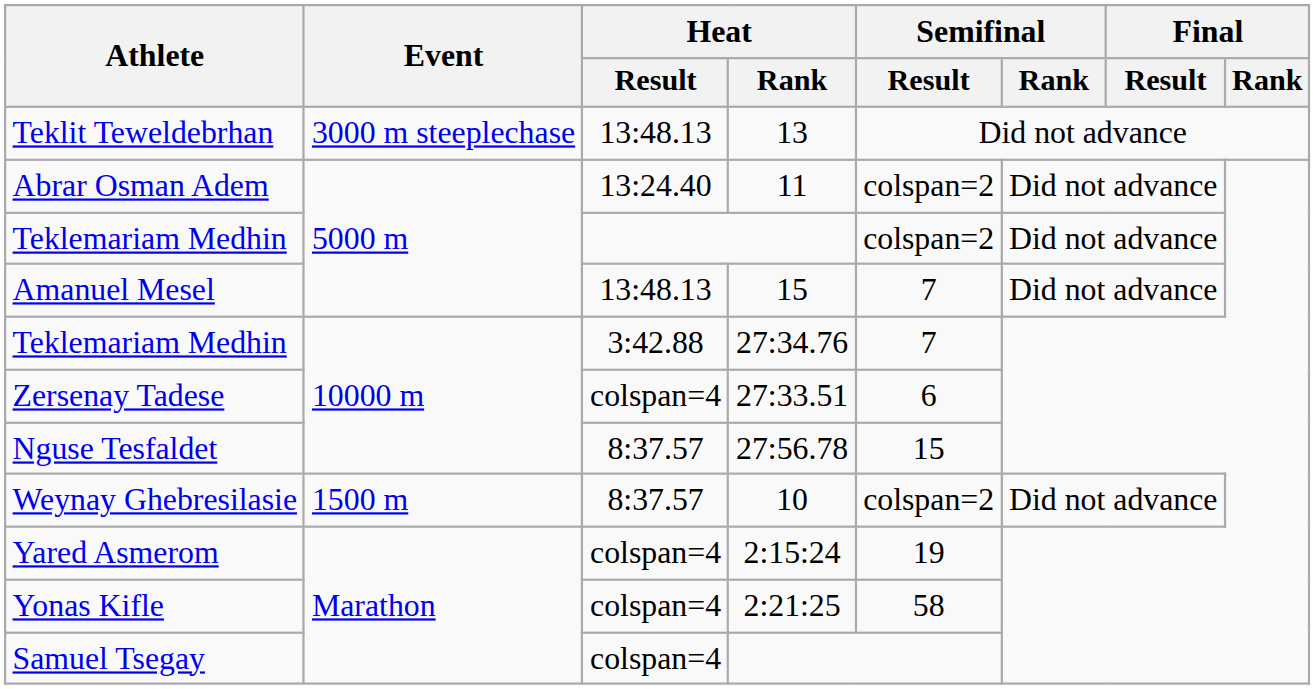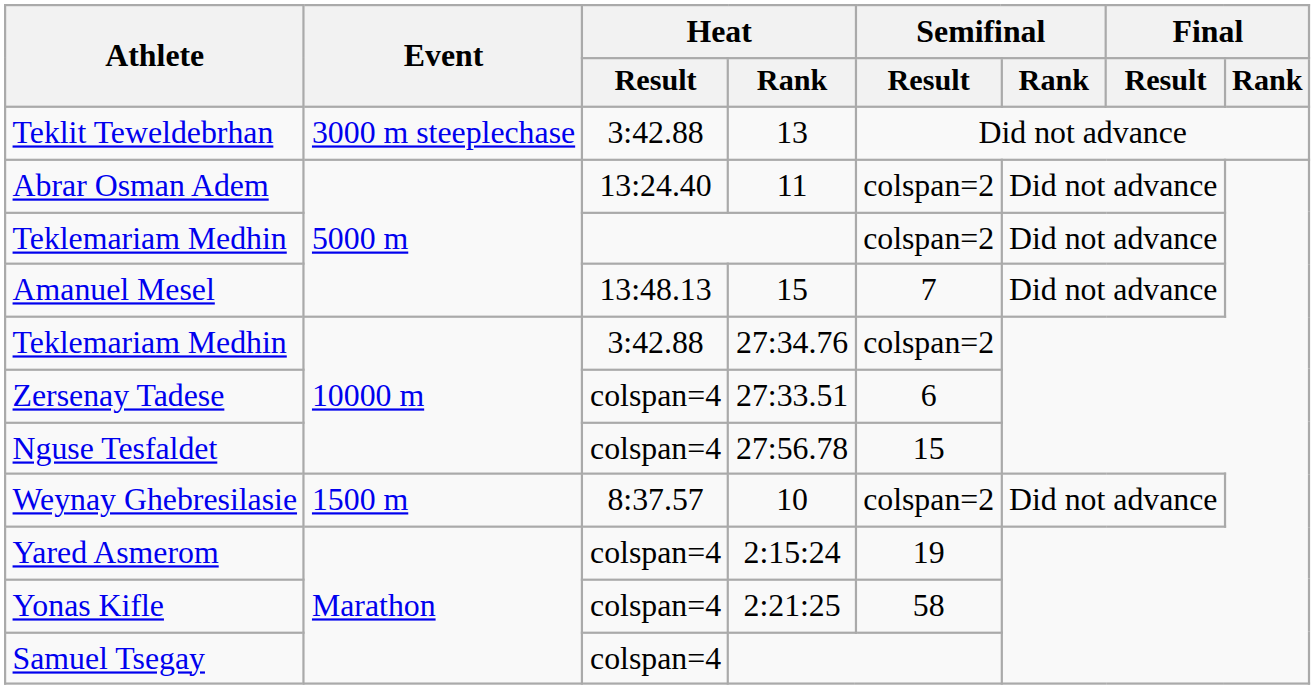 <table class="wikitable" style="font-size:90%">
 <tr>
 <th rowspan="2">Athlete</th>
 <th rowspan="2">Event</th>
 <th colspan="2">Heat</th>
 <th colspan="2">Semifinal</th>
 <th colspan="2">Final</th>
 </tr>
 <tr style="font-size:95%">
 <th>Result</th>
 <th>Rank</th>
 <th>Result</th>
 <th>Rank</th>
 <th>Result</th>
 <th>Rank</th>
 </tr>
 <tr align=center>
 <td align=left><a href='#'>Teklit Teweldebrhan</a></td>
 <td align=left><a href='#'>3000 m steeplechase</a></td>
-<td>13:48.13</td>
+<td>3:42.88</td>
 <td>13</td>
 <td colspan=4>Did not advance</td>
 </tr>
 <tr align=center>
 <td align=left><a href='#'>Abrar Osman Adem</a></td>
 <td align=left rowspan=3><a href='#'>5000 m</a></td>
 <td>13:24.40</td>
 <td>11</td>
 <td>colspan=2 </td>
 <td colspan=2>Did not advance</td>
 </tr>
 <tr align=center>
 <td align=left><a href='#'>Teklemariam Medhin</a></td>
 <td colspan=2></td>
 <td>colspan=2 </td>
 <td colspan=2>Did not advance</td>
 </tr>
 <tr align=center>
 <td align=left><a href='#'>Amanuel Mesel</a></td>
 <td>13:48.13</td>
 <td>15</td>
 <td>7</td>
 <td colspan=2>Did not advance</td>
 </tr>
 <tr align=center>
 <td align=left><a href='#'>Teklemariam Medhin</a></td>
 <td align=left rowspan=3><a href='#'>10000 m</a></td>
 <td>3:42.88</td>
 <td>27:34.76</td>
-<td>7</td>
+<td>colspan=2 </td>
 </tr>
 <tr align=center>
 <td align=left><a href='#'>Zersenay Tadese</a></td>
 <td>colspan=4 </td>
 <td>27:33.51</td>
 <td>6</td>
 </tr>
 <tr align=center>
 <td align=left><a href='#'>Nguse Tesfaldet</a></td>
-<td>8:37.57</td>
+<td>colspan=4 </td>
 <td>27:56.78</td>
 <td>15</td>
 </tr>
 <tr align=center>
 <td align=left><a href='#'>Weynay Ghebresilasie</a></td>
 <td align=left><a href='#'>1500 m</a></td>
 <td>8:37.57</td>
 <td>10</td>
 <td>colspan=2 </td>
 <td colspan=2>Did not advance</td>
 </tr>
 <tr align=center>
 <td align=left><a href='#'>Yared Asmerom</a></td>
 <td align=left rowspan=3><a href='#'>Marathon</a></td>
 <td>colspan=4 </td>
 <td>2:15:24</td>
 <td>19</td>
 </tr>
 <tr align=center>
 <td align=left><a href='#'>Yonas Kifle</a></td>
 <td>colspan=4 </td>
 <td>2:21:25</td>
 <td>58</td>
 </tr>
 <tr align=center>
 <td align=left><a href='#'>Samuel Tsegay</a></td>
 <td>colspan=4 </td>
 <td colspan=2></td>
 </tr>
 </table>
